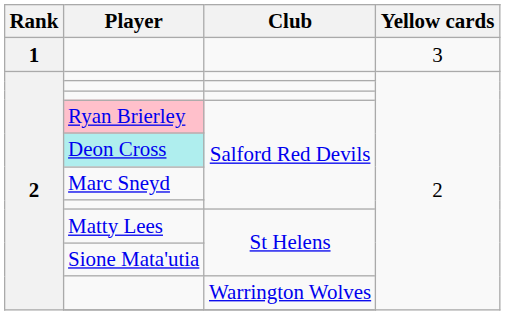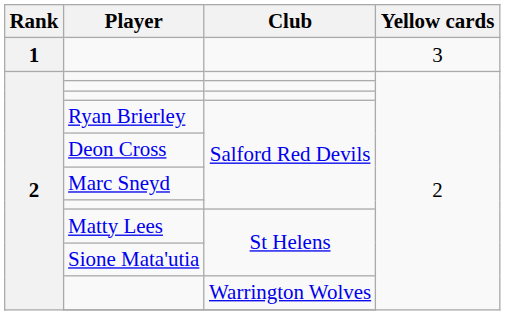 <table class="wikitable sortable" style="text-align:center">
 <tr>
 <th>Rank</th>
 <th>Player</th>
 <th>Club</th>
 <th> Yellow cards</th>
 </tr>
 <tr>
 <th>1</th>
 <td align="left"></td>
 <td align="left"></td>
 <td>3</td>
 </tr>
 <tr>
 <th Rowspan=11>2</th>
 <td align="left"></td>
 <td align="left"></td>
 <td Rowspan=11>2</td>
 </tr>
 <tr>
 <td align="left"></td>
 <td align="left"></td>
 </tr>
 <tr>
 <td align="left"></td>
 <td align="left"></td>
 </tr>
 <tr>
-<td align="left" style="background: pink;"> <a href='#'>Ryan Brierley</a></td>
+<td align="left"> <a href='#'>Ryan Brierley</a></td>
 <td Rowspan=4> <a href='#'>Salford Red Devils</a></td>
 </tr>
 <tr>
-<td align="left" style="background: paleturquoise;"> <a href='#'>Deon Cross</a></td>
+<td align="left"> <a href='#'>Deon Cross</a></td>
 </tr>
 <tr>
 <td align="left"> <a href='#'>Marc Sneyd</a></td>
 </tr>
 <tr>
 <td align="left"></td>
 </tr>
 <tr>
 <td align="left"> <a href='#'>Matty Lees</a></td>
 <td Rowspan=2> <a href='#'>St Helens</a></td>
 </tr>
 <tr>
 <td align="left"> <a href='#'>Sione Mata'utia</a></td>
 </tr>
 <tr>
 <td align="left"></td>
 <td align="left"> <a href='#'>Warrington Wolves</a></td>
 </tr>
 <tr>
 </tr>
 </table>
